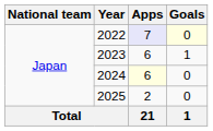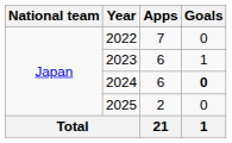 <table class="wikitable" style="text-align:center">
 <tr>
 <th>National team</th>
 <th>Year</th>
 <th>Apps</th>
 <th>Goals</th>
 </tr>
 <tr>
 <td rowspan="4"><a href='#'>Japan</a></td>
 <td>2022</td>
-<td style="background: lavender;">7</td>
-<td style="background: lightyellow;">0</td>
+<td>7</td>
+<td>0</td>
 </tr>
 <tr>
 <td>2023</td>
 <td>6</td>
 <td>1</td>
 </tr>
 <tr>
 <td>2024</td>
-<td style="background: lightyellow;">6</td>
-<td>0</td>
+<td>6</td>
+<td><strong>0</strong></td>
 </tr>
 <tr>
 <td>2025</td>
 <td>2</td>
 <td>0</td>
 </tr>
 <tr>
 <th colspan="2">Total</th>
 <th>21</th>
 <th>1</th>
 </tr>
 </table>
